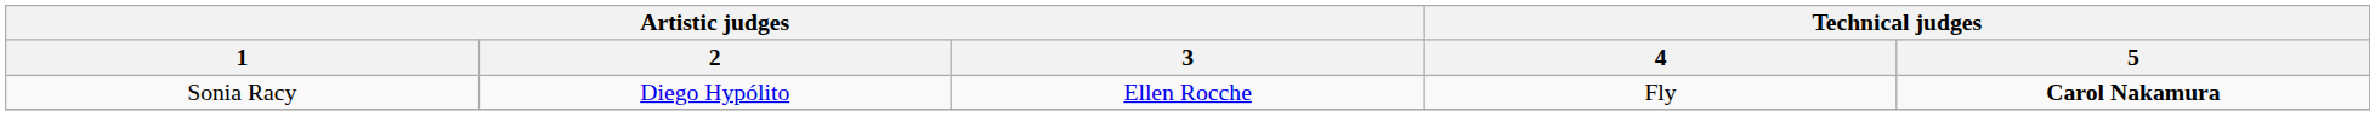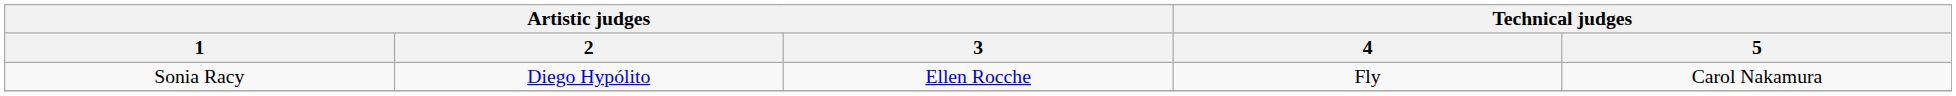 <table class="wikitable" style="font-size:100%; line-height:16px; text-align:center" width="100%">
 <tr>
 <th colspan=3>Artistic judges</th>
 <th colspan=2>Technical judges</th>
 </tr>
 <tr>
 <th style="width:20.0%;">1</th>
 <th style="width:20.0%;">2</th>
 <th style="width:20.0%;">3</th>
 <th style="width:20.0%;">4</th>
 <th style="width:20.0%;">5</th>
 </tr>
 <tr>
 <td>Sonia Racy</td>
 <td><a href='#'>Diego Hypólito</a></td>
 <td><a href='#'>Ellen Rocche</a></td>
 <td>Fly</td>
-<td><strong>Carol Nakamura</strong></td>
+<td>Carol Nakamura</td>
 </tr>
 <tr>
 </tr>
 </table>
